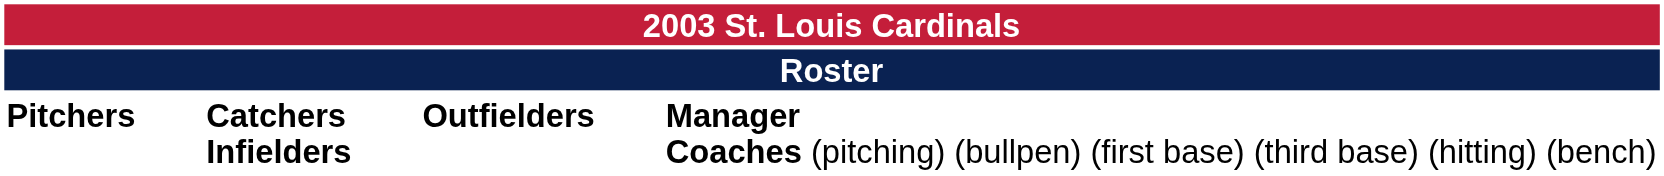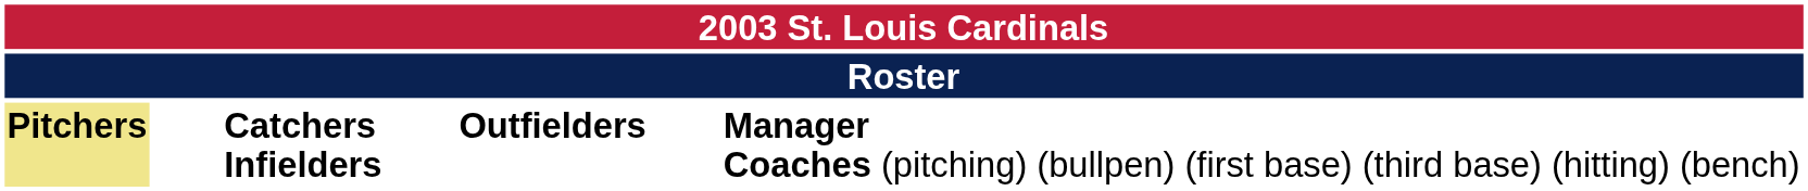 <table class="toccolours" style="font-size: 95%;">
 <tr>
 <th colspan="10" style="background-color: #c41e3a; color: #FFFFFF; text-align: center;">2003 St. Louis Cardinals</th>
 </tr>
 <tr>
 <td colspan="10" style="background-color: #0a2252; color: #FFFFFF; text-align: center;"><strong>Roster</strong></td>
 </tr>
 <tr>
-<td valign="top"><strong>Pitchers</strong><br>                      </td>
+<td valign="top" style="background: khaki;"><strong>Pitchers</strong><br>                      </td>
 <td width="25px"></td>
 <td valign="top"><strong>Catchers</strong><br>   <strong>Infielders</strong>       </td>
 <td width="25px"></td>
 <td valign="top"><strong>Outfielders</strong><br>       </td>
 <td width="25px"></td>
 <td valign="top"><strong>Manager</strong><br> <strong>Coaches</strong>  (pitching)  (bullpen)  (first base)  (third base)  (hitting)  (bench)</td>
 </tr>
 </table>
